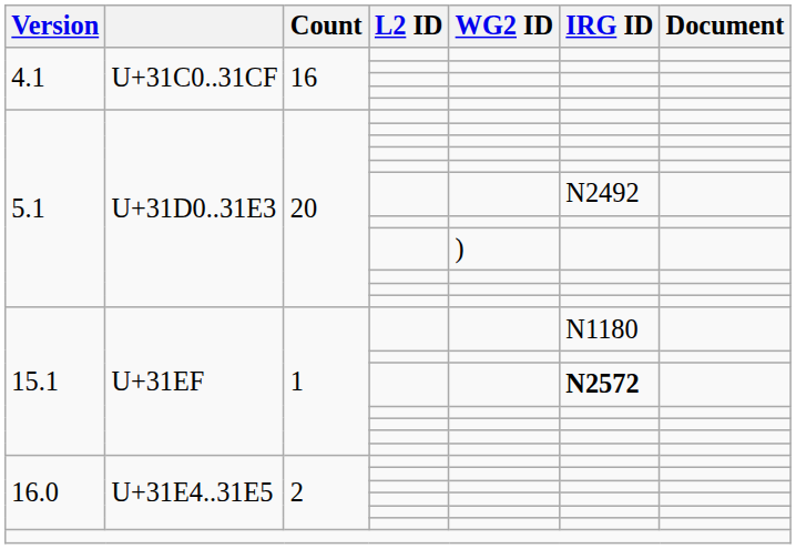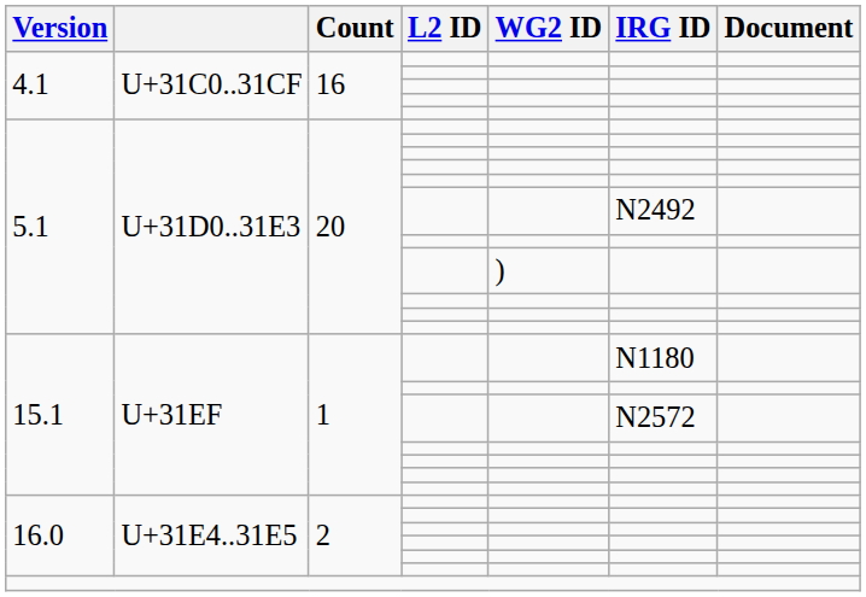 <table class="wikitable collapsible sticky-header">
 <tr>
 <th><a href='#'>Version</a></th>
 <th></th>
 <th>Count</th>
 <th><a href='#'>L2</a> ID</th>
 <th><a href='#'>WG2</a> ID</th>
 <th><a href='#'>IRG</a> ID</th>
 <th>Document</th>
 </tr>
 <tr>
 <td rowspan="5">4.1</td>
 <td rowspan="5">U+31C0..31CF</td>
 <td rowspan="5">16</td>
 <td></td>
 <td></td>
 <td></td>
 <td></td>
 </tr>
 <tr>
 <td></td>
 <td></td>
 <td></td>
 <td></td>
 </tr>
 <tr>
 <td></td>
 <td></td>
 <td></td>
 <td></td>
 </tr>
 <tr>
 <td></td>
 <td></td>
 <td></td>
 <td></td>
 </tr>
 <tr>
 <td></td>
 <td></td>
 <td></td>
 <td></td>
 </tr>
 <tr>
 <td rowspan="11">5.1</td>
 <td rowspan="11">U+31D0..31E3</td>
 <td rowspan="11">20</td>
 <td></td>
 <td></td>
 <td></td>
 <td></td>
 </tr>
 <tr>
 <td></td>
 <td></td>
 <td></td>
 <td></td>
 </tr>
 <tr>
 <td></td>
 <td></td>
 <td></td>
 <td></td>
 </tr>
 <tr>
 <td></td>
 <td></td>
 <td></td>
 <td></td>
 </tr>
 <tr>
 <td></td>
 <td></td>
 <td></td>
 <td></td>
 </tr>
 <tr>
 <td></td>
 <td></td>
 <td>N2492</td>
 <td></td>
 </tr>
 <tr>
 <td></td>
 <td></td>
 <td></td>
 <td></td>
 </tr>
 <tr>
 <td></td>
 <td> )</td>
 <td></td>
 <td></td>
 </tr>
 <tr>
 <td></td>
 <td></td>
 <td></td>
 <td></td>
 </tr>
 <tr>
 <td></td>
 <td></td>
 <td></td>
 <td></td>
 </tr>
 <tr>
 <td></td>
 <td></td>
 <td></td>
 <td></td>
 </tr>
 <tr>
 <td rowspan="7">15.1</td>
 <td rowspan="7">U+31EF</td>
 <td rowspan="7">1</td>
 <td></td>
 <td></td>
 <td>N1180</td>
 <td></td>
 </tr>
 <tr>
 <td></td>
 <td></td>
 <td></td>
 <td></td>
 </tr>
 <tr>
 <td></td>
 <td></td>
-<td><strong>N2572</strong></td>
+<td>N2572</td>
 <td></td>
 </tr>
 <tr>
 <td></td>
 <td></td>
 <td></td>
 <td></td>
 </tr>
 <tr>
 <td></td>
 <td></td>
 <td></td>
 <td></td>
 </tr>
 <tr>
 <td></td>
 <td></td>
 <td></td>
 <td></td>
 </tr>
 <tr>
 <td></td>
 <td></td>
 <td></td>
 <td></td>
 </tr>
 <tr>
 <td rowspan="6">16.0</td>
 <td rowspan="6">U+31E4..31E5</td>
 <td rowspan="6">2</td>
 <td></td>
 <td></td>
 <td></td>
 <td></td>
 </tr>
 <tr>
 <td></td>
 <td></td>
 <td></td>
 <td></td>
 </tr>
 <tr>
 <td></td>
 <td></td>
 <td></td>
 <td></td>
 </tr>
 <tr>
 <td></td>
 <td></td>
 <td></td>
 <td></td>
 </tr>
 <tr>
 <td></td>
 <td></td>
 <td></td>
 <td></td>
 </tr>
 <tr>
 <td></td>
 <td></td>
 <td></td>
 <td></td>
 </tr>
 <tr class="sortbottom">
 <td colspan="7"></td>
 </tr>
 </table>
